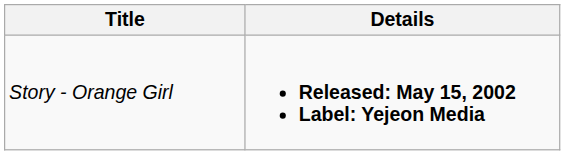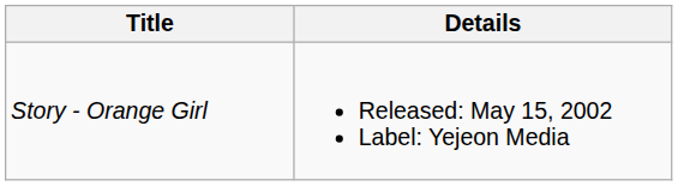 <table class="wikitable">
 <tr>
 <th align="left" width="190px">Title</th>
 <th align="left" width="250px">Details</th>
 </tr>
 <tr>
 <td><em>Story - Orange Girl</em></td>
-<td><strong><br><ul><li>Released: May 15, 2002</li><li>Label: Yejeon Media</li></ul></strong></td>
+<td><br><ul><li>Released: May 15, 2002</li><li>Label: Yejeon Media</li></ul></td>
 </tr>
 </table>
